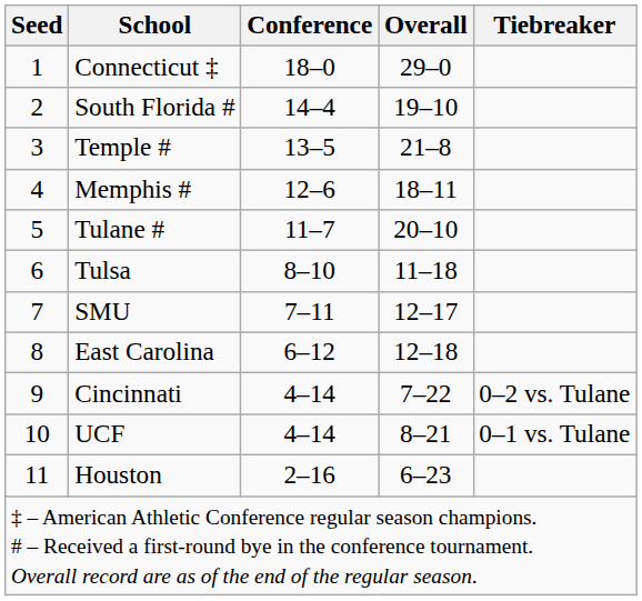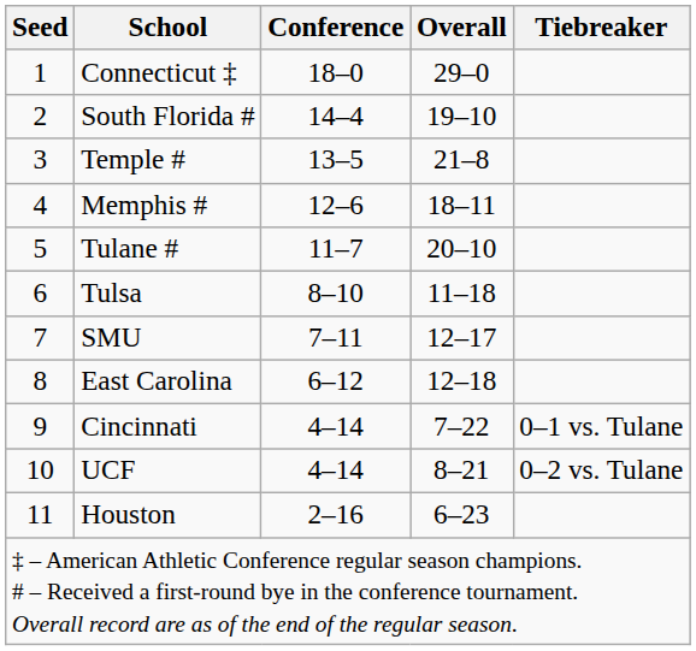 <table class="wikitable" style="text-align:center">
 <tr>
 <th>Seed</th>
 <th>School</th>
 <th>Conference</th>
 <th>Overall</th>
 <th>Tiebreaker</th>
 </tr>
 <tr>
 <td>1</td>
 <td align=left>Connecticut ‡</td>
 <td>18–0</td>
 <td>29–0</td>
 <td></td>
 </tr>
 <tr>
 <td>2</td>
 <td align=left>South Florida #</td>
 <td>14–4</td>
 <td>19–10</td>
 <td></td>
 </tr>
 <tr>
 <td>3</td>
 <td align=left>Temple #</td>
 <td>13–5</td>
 <td>21–8</td>
 <td></td>
 </tr>
 <tr>
 <td>4</td>
 <td align=left>Memphis #</td>
 <td>12–6</td>
 <td>18–11</td>
 <td></td>
 </tr>
 <tr>
 <td>5</td>
 <td align=left>Tulane #</td>
 <td>11–7</td>
 <td>20–10</td>
 <td></td>
 </tr>
 <tr>
 <td>6</td>
 <td align=left>Tulsa</td>
 <td>8–10</td>
 <td>11–18</td>
 <td></td>
 </tr>
 <tr>
 <td>7</td>
 <td align=left>SMU</td>
 <td>7–11</td>
 <td>12–17</td>
 <td></td>
 </tr>
 <tr>
 <td>8</td>
 <td align=left>East Carolina</td>
 <td>6–12</td>
 <td>12–18</td>
 <td></td>
 </tr>
 <tr>
 <td>9</td>
 <td align=left>Cincinnati</td>
 <td>4–14</td>
 <td>7–22</td>
-<td>0–2 vs. Tulane</td>
+<td>0–1 vs. Tulane</td>
 </tr>
 <tr>
 <td>10</td>
 <td align=left>UCF</td>
 <td>4–14</td>
 <td>8–21</td>
-<td>0–1 vs. Tulane</td>
+<td>0–2 vs. Tulane</td>
 </tr>
 <tr>
 <td>11</td>
 <td align=left>Houston</td>
 <td>2–16</td>
 <td>6–23</td>
 <td></td>
 </tr>
 <tr>
 <td colspan="6" style="text-align:left;"><small>‡ – American Athletic Conference regular season champions.<br># – Received a first-round bye in the conference tournament. <br><em>Overall record are as of the end of the regular season</em>.</small></td>
 </tr>
 </table>
